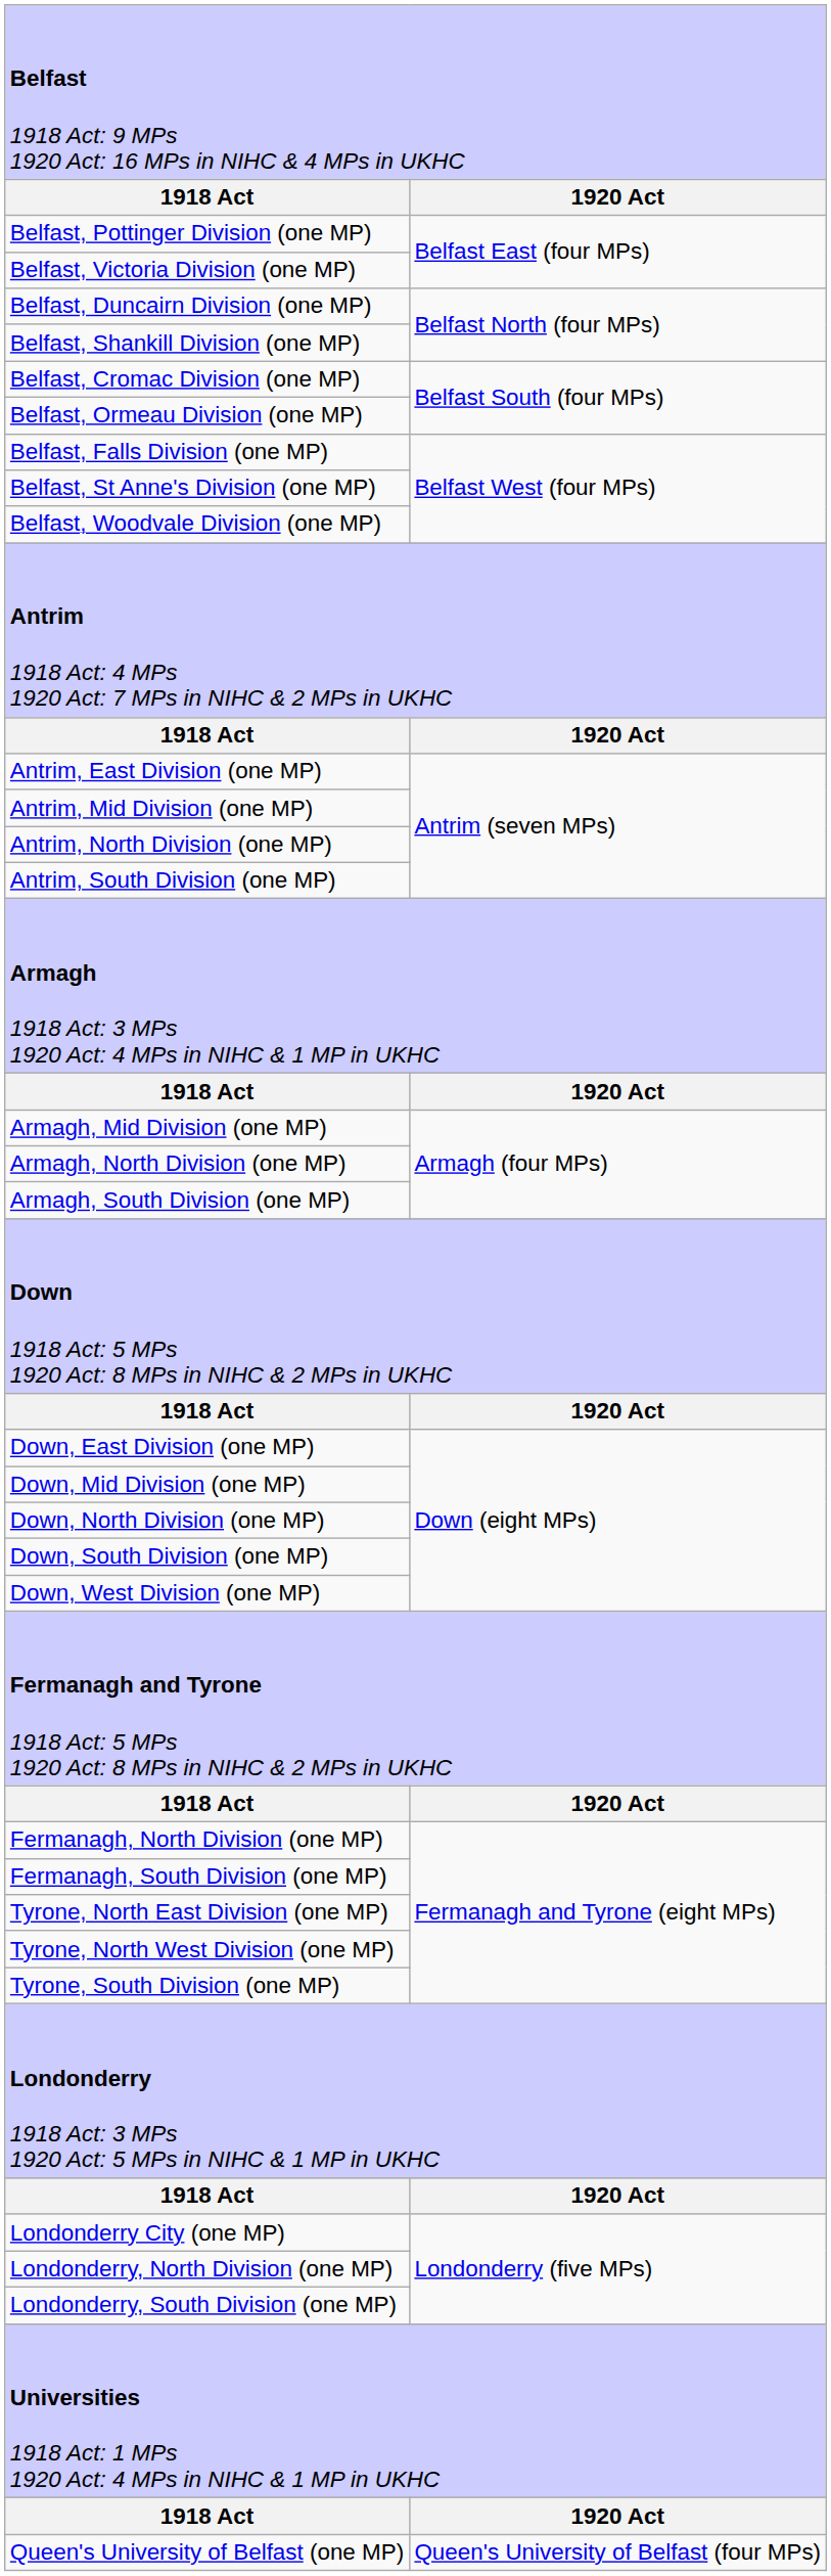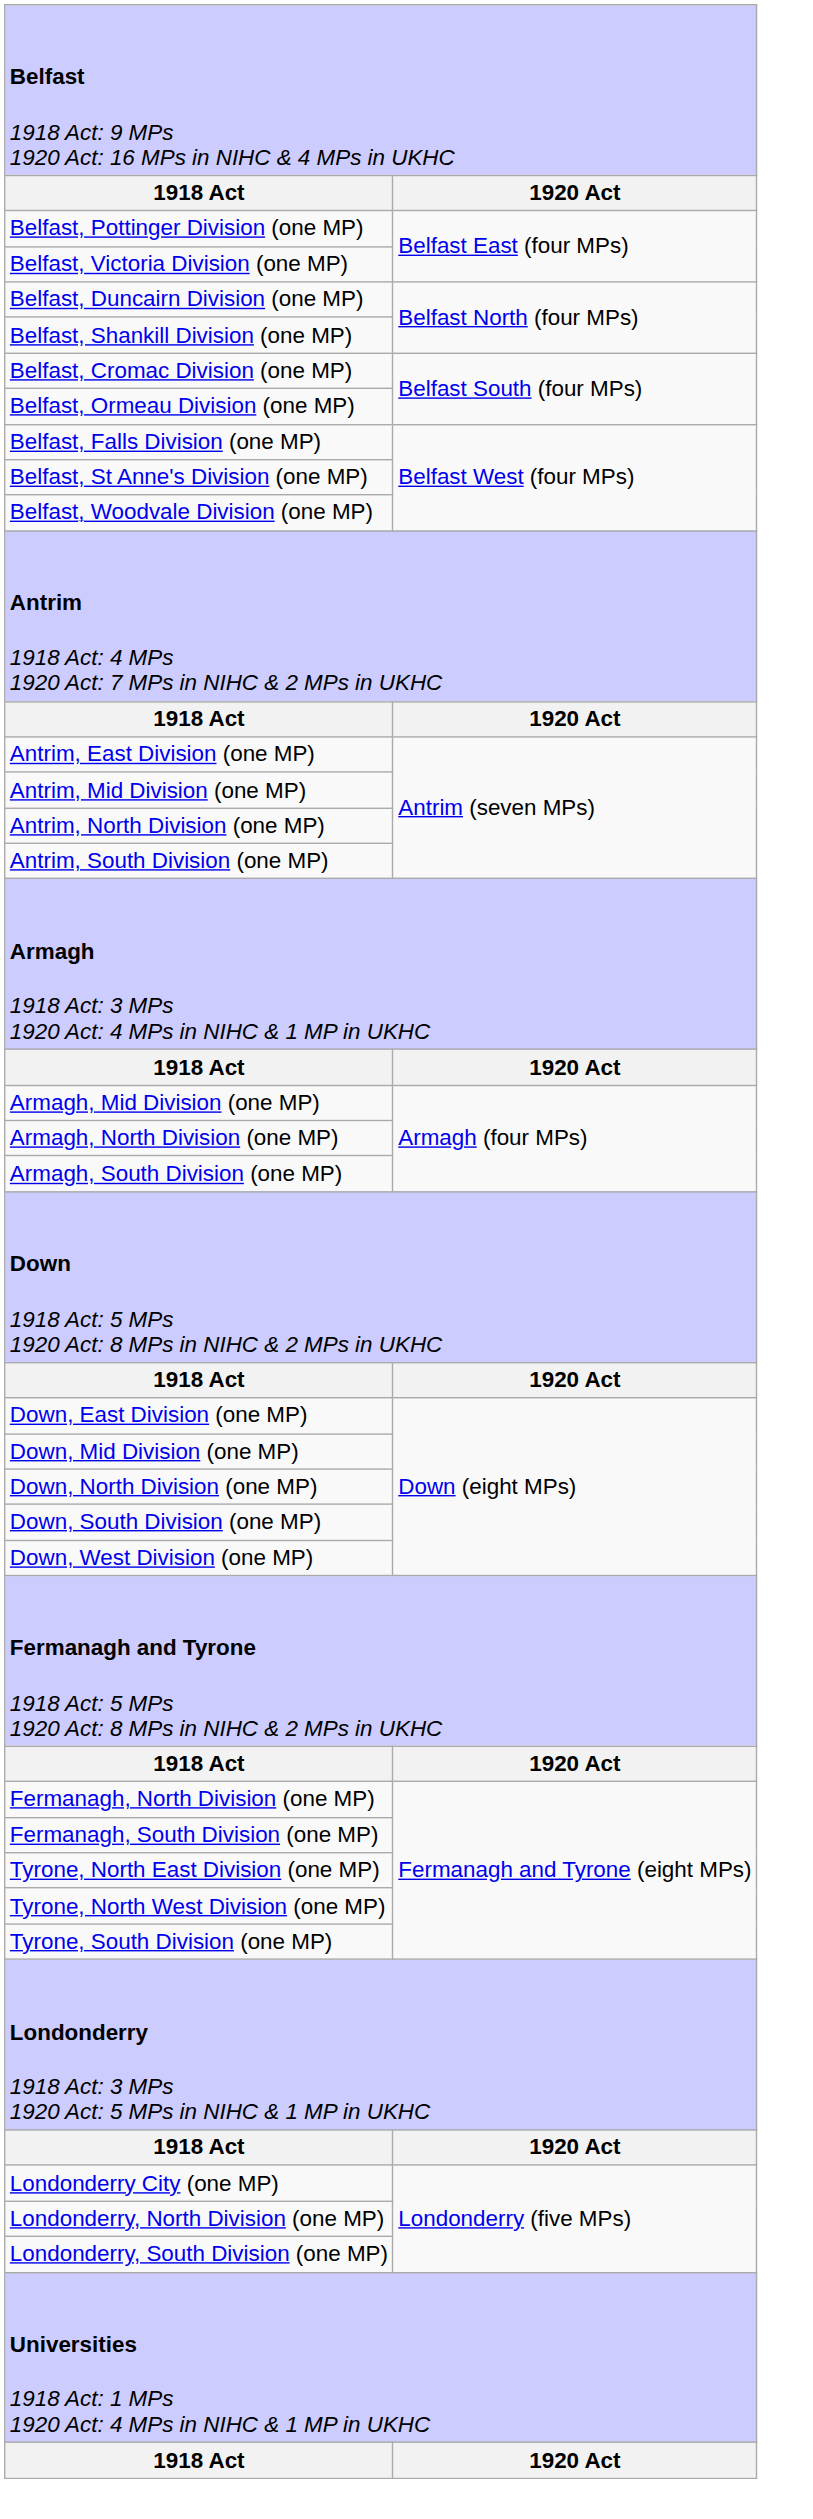 <table class="wikitable">
 <tr>
 <td colspan="2" bgcolor="ccccff"><br><h4>Belfast</h4><em>1918 Act: 9 MPs<br>1920 Act: 16 MPs in NIHC & 4 MPs in UKHC</em></td>
 </tr>
 <tr>
 <th>1918 Act</th>
 <th>1920 Act</th>
 </tr>
 <tr>
 <td><a href='#'>Belfast, Pottinger Division</a> (one MP)</td>
 <td rowspan=2><a href='#'>Belfast East</a> (four MPs)</td>
 </tr>
 <tr>
 <td><a href='#'>Belfast, Victoria Division</a> (one MP)</td>
 </tr>
 <tr>
 <td><a href='#'>Belfast, Duncairn Division</a> (one MP)</td>
 <td rowspan=2><a href='#'>Belfast North</a> (four MPs)</td>
 </tr>
 <tr>
 <td><a href='#'>Belfast, Shankill Division</a> (one MP)</td>
 </tr>
 <tr>
 <td><a href='#'>Belfast, Cromac Division</a> (one MP)</td>
 <td rowspan=2><a href='#'>Belfast South</a> (four MPs)</td>
 </tr>
 <tr>
 <td><a href='#'>Belfast, Ormeau Division</a> (one MP)</td>
 </tr>
 <tr>
 <td><a href='#'>Belfast, Falls Division</a> (one MP)</td>
 <td rowspan=3><a href='#'>Belfast West</a> (four MPs)</td>
 </tr>
 <tr>
 <td><a href='#'>Belfast, St Anne's Division</a> (one MP)</td>
 </tr>
 <tr>
 <td><a href='#'>Belfast, Woodvale Division</a> (one MP)</td>
 </tr>
 <tr>
 <td colspan="2" bgcolor="ccccff"><br><h4>Antrim</h4><em>1918 Act: 4 MPs<br>1920 Act: 7 MPs in NIHC & 2 MPs in UKHC</em></td>
 </tr>
 <tr>
 <th>1918 Act</th>
 <th>1920 Act</th>
 </tr>
 <tr>
 <td><a href='#'>Antrim, East Division</a> (one MP)</td>
 <td rowspan=4><a href='#'>Antrim</a> (seven MPs)</td>
 </tr>
 <tr>
 <td><a href='#'>Antrim, Mid Division</a> (one MP)</td>
 </tr>
 <tr>
 <td><a href='#'>Antrim, North Division</a> (one MP)</td>
 </tr>
 <tr>
 <td><a href='#'>Antrim, South Division</a> (one MP)</td>
 </tr>
 <tr>
 <td colspan="2" bgcolor="ccccff"><br><h4>Armagh</h4><em>1918 Act: 3 MPs<br>1920 Act: 4 MPs in NIHC & 1 MP in UKHC</em></td>
 </tr>
 <tr>
 <th>1918 Act</th>
 <th>1920 Act</th>
 </tr>
 <tr>
 <td><a href='#'>Armagh, Mid Division</a> (one MP)</td>
 <td rowspan=3><a href='#'>Armagh</a> (four MPs)</td>
 </tr>
 <tr>
 <td><a href='#'>Armagh, North Division</a> (one MP)</td>
 </tr>
 <tr>
 <td><a href='#'>Armagh, South Division</a> (one MP)</td>
 </tr>
 <tr>
 <td colspan="2" bgcolor="ccccff"><br><h4>Down</h4><em>1918 Act: 5 MPs<br>1920 Act: 8 MPs in NIHC & 2 MPs in UKHC</em></td>
 </tr>
 <tr>
 <th>1918 Act</th>
 <th>1920 Act</th>
 </tr>
 <tr>
 <td><a href='#'>Down, East Division</a> (one MP)</td>
 <td rowspan=5><a href='#'>Down</a> (eight MPs)</td>
 </tr>
 <tr>
 <td><a href='#'>Down, Mid Division</a> (one MP)</td>
 </tr>
 <tr>
 <td><a href='#'>Down, North Division</a> (one MP)</td>
 </tr>
 <tr>
 <td><a href='#'>Down, South Division</a> (one MP)</td>
 </tr>
 <tr>
 <td><a href='#'>Down, West Division</a> (one MP)</td>
 </tr>
 <tr>
 <td colspan="2" bgcolor="ccccff"><br><h4>Fermanagh and Tyrone</h4><em>1918 Act: 5 MPs<br>1920 Act: 8 MPs in NIHC & 2 MPs in UKHC</em></td>
 </tr>
 <tr>
 <th>1918 Act</th>
 <th>1920 Act</th>
 </tr>
 <tr>
 <td><a href='#'>Fermanagh, North Division</a> (one MP)</td>
 <td rowspan=5><a href='#'>Fermanagh and Tyrone</a> (eight MPs)</td>
 </tr>
 <tr>
 <td><a href='#'>Fermanagh, South Division</a> (one MP)</td>
 </tr>
 <tr>
 <td><a href='#'>Tyrone, North East Division</a> (one MP)</td>
 </tr>
 <tr>
 <td><a href='#'>Tyrone, North West Division</a> (one MP)</td>
 </tr>
 <tr>
 <td><a href='#'>Tyrone, South Division</a> (one MP)</td>
 </tr>
 <tr>
 <td colspan="2" bgcolor="ccccff"><br><h4>Londonderry</h4><em>1918 Act: 3 MPs<br>1920 Act: 5 MPs in NIHC & 1 MP in UKHC</em></td>
 </tr>
 <tr>
 <th>1918 Act</th>
 <th>1920 Act</th>
 </tr>
 <tr>
 <td><a href='#'>Londonderry City</a> (one MP)</td>
 <td rowspan=3><a href='#'>Londonderry</a> (five MPs)</td>
 </tr>
 <tr>
 <td><a href='#'>Londonderry, North Division</a> (one MP)</td>
 </tr>
 <tr>
 <td><a href='#'>Londonderry, South Division</a> (one MP)</td>
 </tr>
 <tr>
 <td colspan="2" bgcolor="ccccff"><br><h4>Universities</h4><em>1918 Act: 1 MPs<br>1920 Act: 4 MPs in NIHC & 1 MP in UKHC</em></td>
 </tr>
 <tr>
 <th>1918 Act</th>
 <th>1920 Act</th>
 </tr>
-<tr>
-<td><a href='#'>Queen's University of Belfast</a> (one MP)</td>
-<td><a href='#'>Queen's University of Belfast</a> (four MPs)</td>
-</tr>
 </table>
